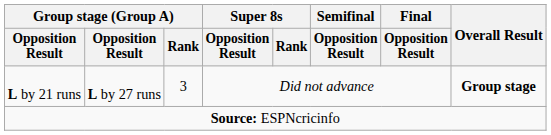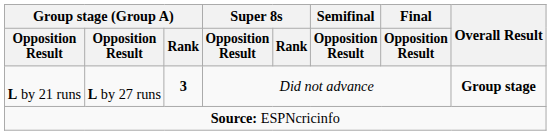 <table class=wikitable style=font-size:90%;text-align:center>
 <tr>
 <th colspan=3>Group stage (Group A)</th>
 <th colspan=2>Super 8s</th>
 <th>Semifinal</th>
 <th>Final</th>
 <th rowspan=2>Overall Result</th>
 </tr>
 <tr style=font-size:95%>
 <th>Opposition<br>Result</th>
 <th>Opposition<br>Result</th>
 <th>Rank</th>
 <th>Opposition<br>Result</th>
 <th>Rank</th>
 <th>Opposition<br>Result</th>
 <th>Opposition<br>Result</th>
 </tr>
 <tr>
 <td><br><strong>L</strong> by 21 runs</td>
 <td><br><strong>L</strong> by 27 runs</td>
-<td>3</td>
+<td><strong>3</strong></td>
 <td colspan=4><em>Did not advance</em></td>
 <td><strong>Group stage</strong></td>
 </tr>
 <tr>
 <td colspan="11"><strong>Source:</strong> ESPNcricinfo</td>
 </tr>
 </table>
